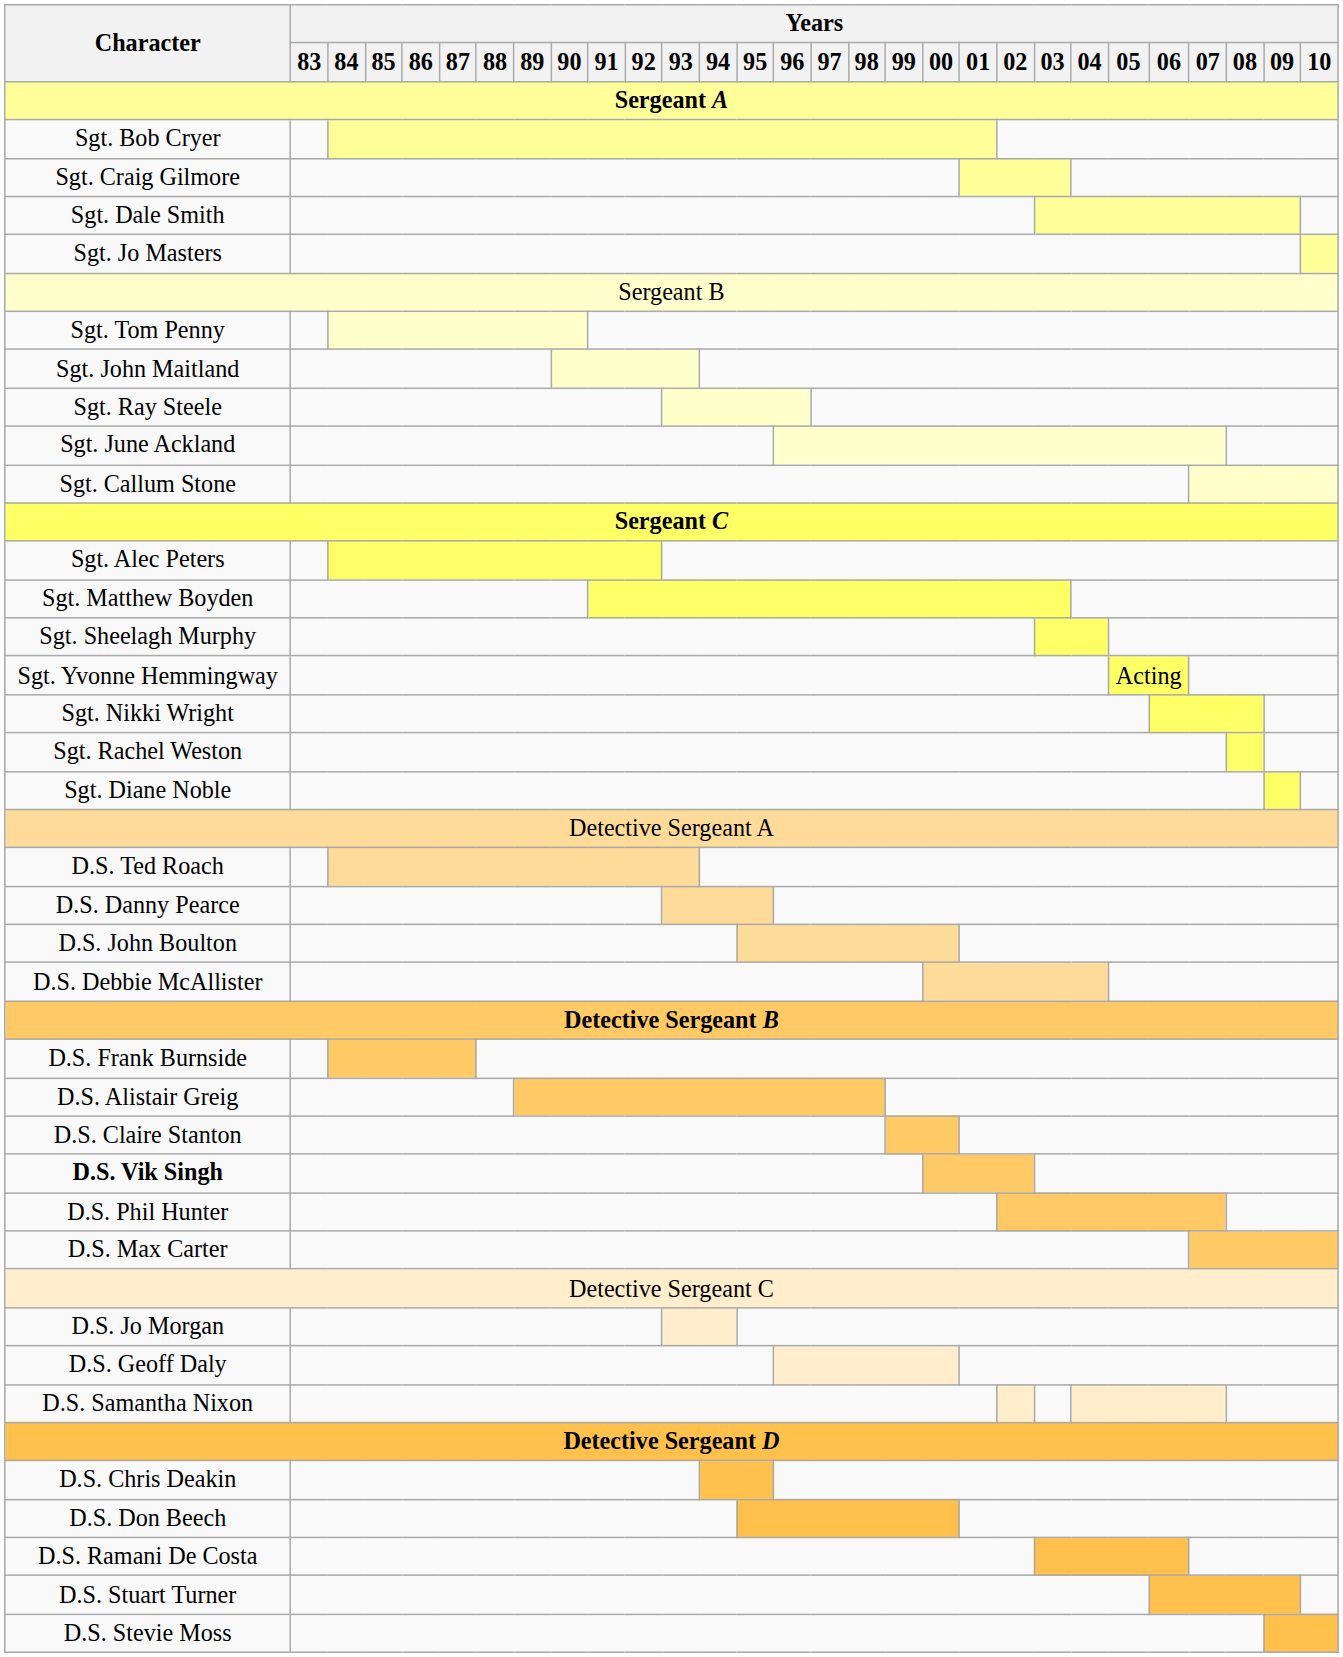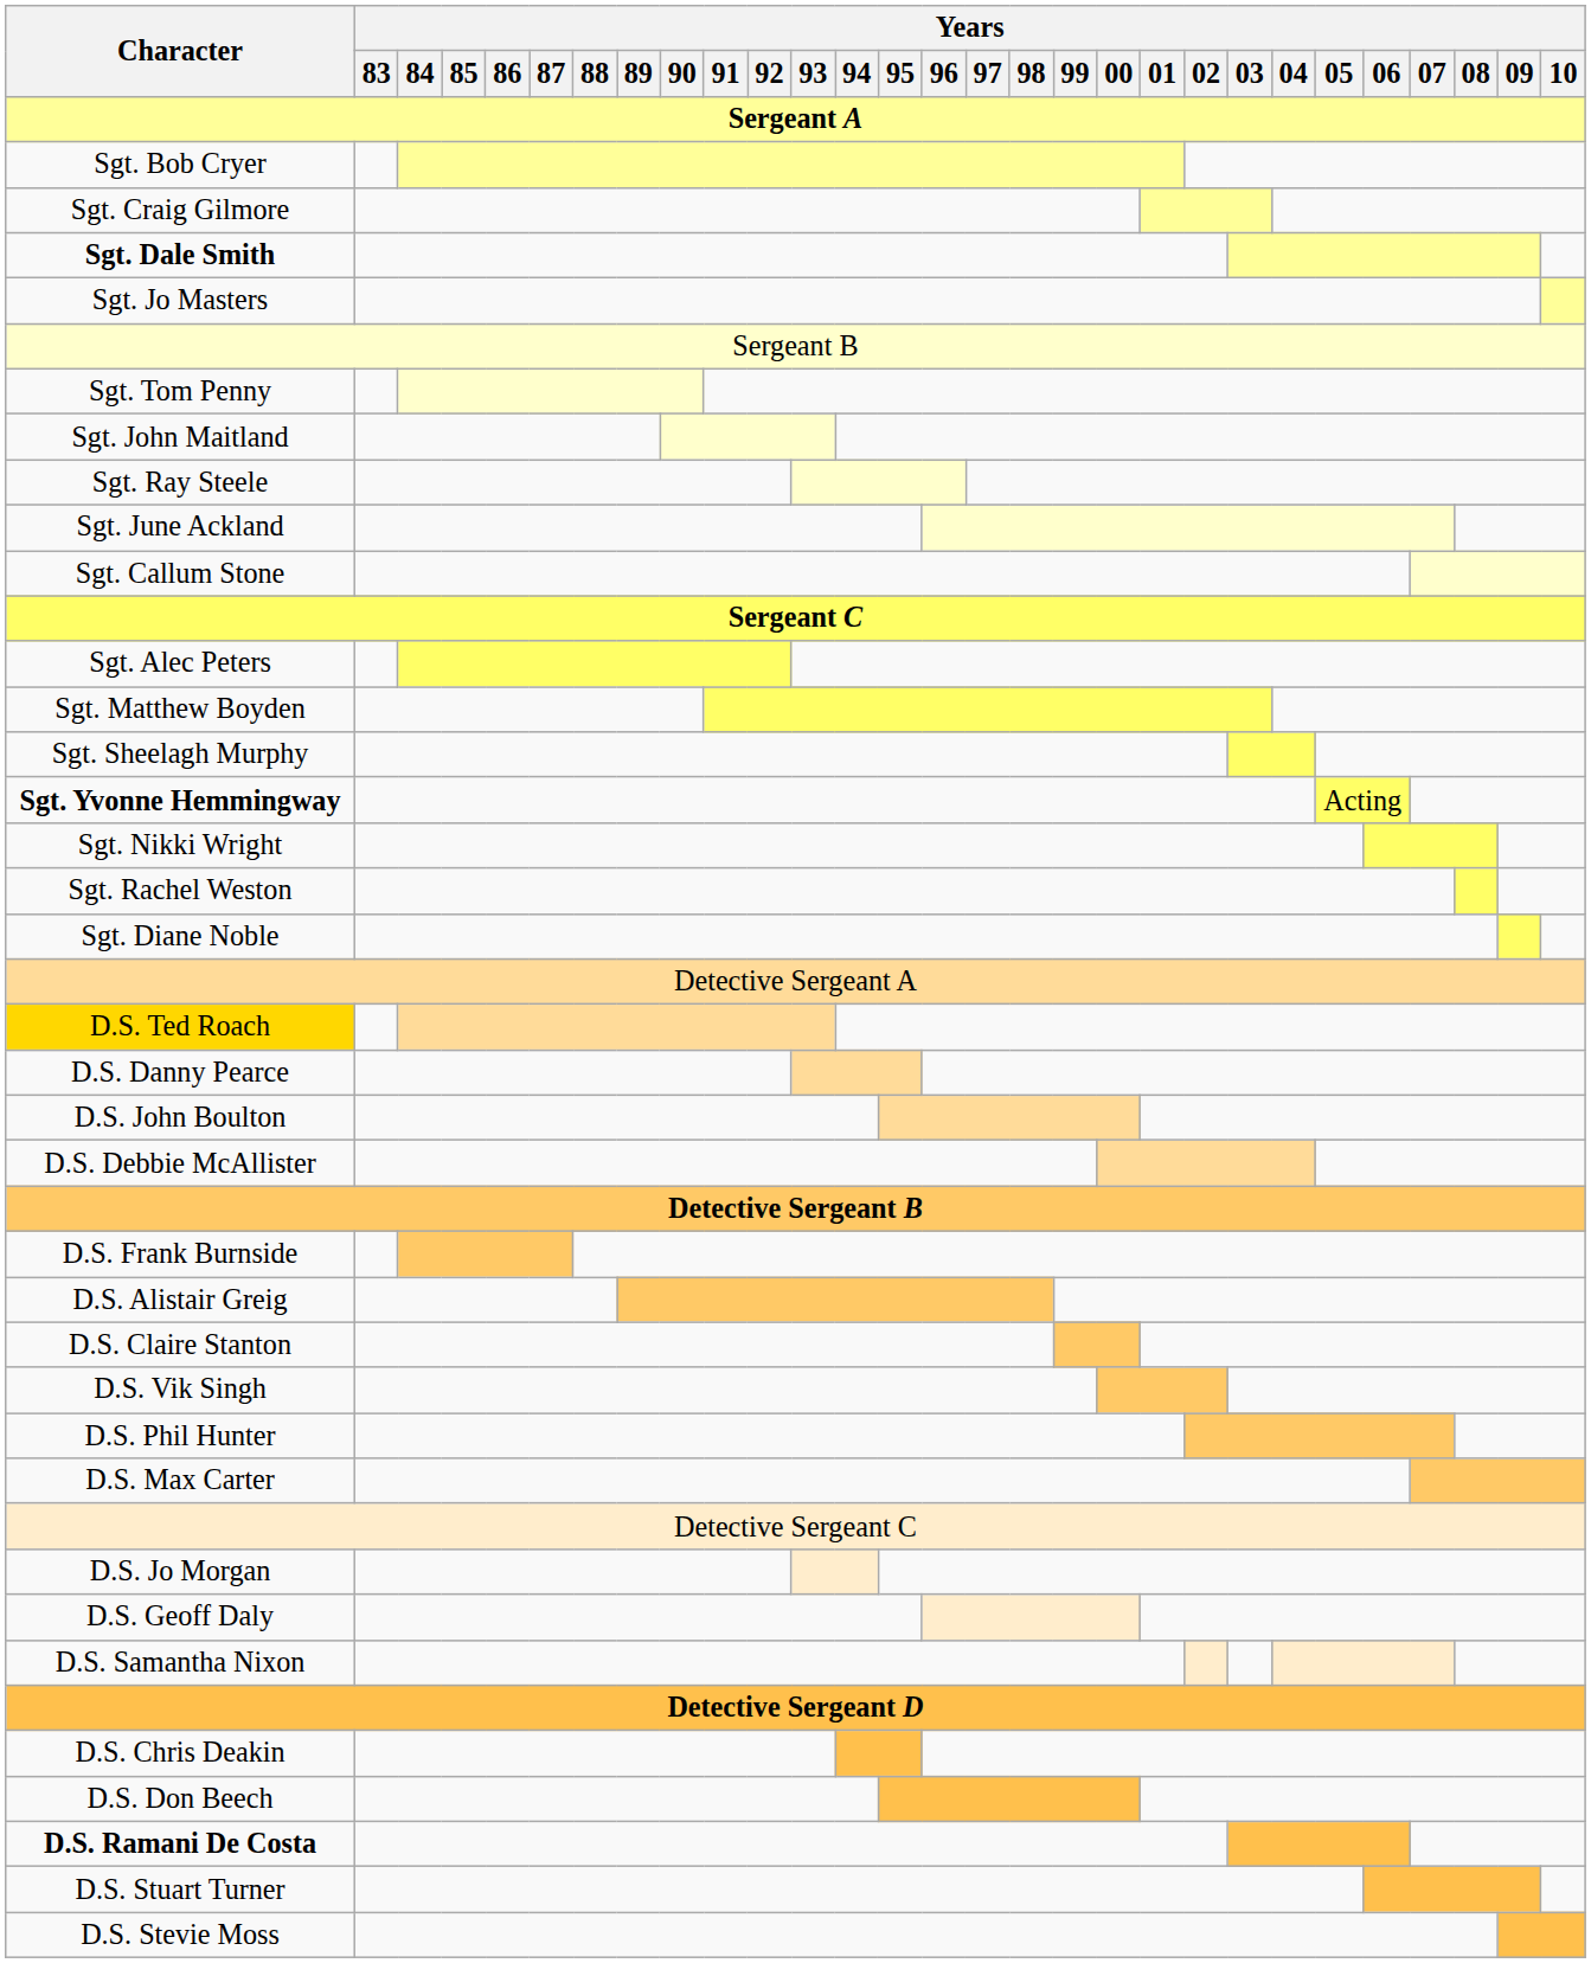 <table class="wikitable" style="text-align:center; width:100%;">
 <tr>
 <th rowspan="2">Character</th>
 <th colspan="28">Years</th>
 </tr>
 <tr>
 <th>83</th>
 <th>84</th>
 <th>85</th>
 <th>86</th>
 <th>87</th>
 <th>88</th>
 <th>89</th>
 <th>90</th>
 <th>91</th>
 <th>92</th>
 <th>93</th>
 <th>94</th>
 <th>95</th>
 <th>96</th>
 <th>97</th>
 <th>98</th>
 <th>99</th>
 <th>00</th>
 <th>01</th>
 <th>02</th>
 <th>03</th>
 <th>04</th>
 <th>05</th>
 <th>06</th>
 <th>07</th>
 <th>08</th>
 <th>09</th>
 <th>10</th>
 </tr>
 <tr>
 <td style="background:#FFFF99;" colspan="29"><strong>Sergeant <em>A<strong><em></td>
 </tr>
 <tr>
 <td>Sgt. Bob Cryer</td>
 <td colspan="1"></td>
 <td align="center" colspan="18" style="background:#FFFF99;"></td>
 <td colspan="9"></td>
 </tr>
 <tr>
 <td>Sgt. Craig Gilmore</td>
 <td colspan="18"></td>
 <td align="center" colspan="3" style="background:#FFFF99;"></td>
 <td colspan="7"></td>
 </tr>
 <tr>
-<td>Sgt. Dale Smith</td>
+<td><strong>Sgt. Dale Smith</strong></td>
 <td colspan="20"></td>
 <td align="center" colspan="7" style="background:#FFFF99;"></td>
 <td colspan="1"></td>
 </tr>
 <tr>
 <td>Sgt. Jo Masters</td>
 <td colspan="27"></td>
 <td align="center" colspan="1" style="background:#FFFF99;"></td>
 </tr>
 <tr>
 <td style="background:#FFFFCC;" colspan="29"></strong>Sergeant </em>B</em></strong></td>
 </tr>
 <tr>
 <td>Sgt. Tom Penny</td>
 <td colspan="1"></td>
 <td align="center" colspan="7" style="background:#FFFFCC;"></td>
 <td colspan="20"></td>
 </tr>
 <tr>
 <td>Sgt. John Maitland</td>
 <td colspan="7"></td>
 <td align="center" colspan="4" style="background:#FFFFCC;"></td>
 <td colspan="17"></td>
 </tr>
 <tr>
 <td>Sgt. Ray Steele</td>
 <td colspan="10"></td>
 <td align="center" colspan="4" style="background:#FFFFCC;"></td>
 <td colspan="14"></td>
 </tr>
 <tr>
 <td>Sgt. June Ackland</td>
 <td colspan="13"></td>
 <td align="center" colspan="12" style="background:#FFFFCC;"></td>
 <td colspan="3"></td>
 </tr>
 <tr>
 <td>Sgt. Callum Stone</td>
 <td colspan="24"></td>
 <td align="center" colspan="4" style="background:#FFFFCC;"></td>
 </tr>
 <tr>
 <td style="background:#FFFF66;" colspan="29"><strong>Sergeant <em>C<strong><em></td>
 </tr>
 <tr>
 <td>Sgt. Alec Peters</td>
 <td colspan="1"></td>
 <td align="center" colspan="9" style="background:#FFFF66;"></td>
 <td colspan="18"></td>
 </tr>
 <tr>
 <td>Sgt. Matthew Boyden</td>
 <td colspan="8"></td>
 <td align="center" colspan="13" style="background:#FFFF66;"></td>
 <td colspan="7"></td>
 </tr>
 <tr>
 <td>Sgt. Sheelagh Murphy</td>
 <td colspan="20"></td>
 <td align="center" colspan="2" style="background:#FFFF66;"></td>
 <td colspan="6"></td>
 </tr>
 <tr>
-<td>Sgt. Yvonne Hemmingway</td>
+<td><strong>Sgt. Yvonne Hemmingway</strong></td>
 <td colspan="22"></td>
 <td align="center" colspan="2" style="background:#FFFF66;"></em>Acting<em></td>
 <td colspan="4"></td>
 </tr>
 <tr>
 <td>Sgt. Nikki Wright</td>
 <td colspan="23"></td>
 <td align="center" colspan="3" style="background:#FFFF66;"></td>
 <td colspan="2"></td>
 </tr>
 <tr>
 <td>Sgt. Rachel Weston</td>
 <td colspan="25"></td>
 <td align="center" colspan="1" style="background:#FFFF66;"></td>
 <td colspan="2"></td>
 </tr>
 <tr>
 <td>Sgt. Diane Noble</td>
 <td colspan="26"></td>
 <td align="center" colspan="1" style="background:#FFFF66;"></td>
 <td colspan="1"></td>
 </tr>
 <tr>
 <td style="background:#ffdb99;" colspan="29"></strong>Detective Sergeant </em>A</em></strong></td>
 </tr>
 <tr>
-<td>D.S. Ted Roach</td>
+<td style="background: gold;">D.S. Ted Roach</td>
 <td colspan="1"></td>
 <td align="center" colspan="10" style="background:#ffdb99;"></td>
 <td colspan="17"></td>
 </tr>
 <tr>
 <td>D.S. Danny Pearce</td>
 <td colspan="10"></td>
 <td align="center" colspan="3" style="background:#ffdb99;"></td>
 <td colspan="15"></td>
 </tr>
 <tr>
 <td>D.S. John Boulton</td>
 <td colspan="12"></td>
 <td align="center" colspan="6" style="background:#ffdb99;"></td>
 <td colspan="10"></td>
 </tr>
 <tr>
 <td>D.S. Debbie McAllister</td>
 <td colspan="17"></td>
 <td align="center" colspan="5" style="background:#ffdb99;"></td>
 <td colspan="6"></td>
 </tr>
 <tr>
 <td style="background:#ffc966;" colspan="29"><strong>Detective Sergeant <em>B<strong><em></td>
 </tr>
 <tr>
 <td>D.S. Frank Burnside</td>
 <td colspan="1"></td>
 <td align="center" colspan="4" style="background:#ffc966;"></td>
 <td colspan="23"></td>
 </tr>
 <tr>
 <td>D.S. Alistair Greig</td>
 <td colspan="6"></td>
 <td align="center" colspan="10" style="background:#ffc966;"></td>
 <td colspan="12"></td>
 </tr>
 <tr>
 <td>D.S. Claire Stanton</td>
 <td colspan="16"></td>
 <td align="center" colspan="2" style="background:#ffc966;"></td>
 <td colspan="10"></td>
 </tr>
 <tr>
-<td><strong>D.S. Vik Singh</strong></td>
+<td>D.S. Vik Singh</td>
 <td colspan="17"></td>
 <td align="center" colspan="3" style="background:#ffc966;"></td>
 <td colspan="8"></td>
 </tr>
 <tr>
 <td>D.S. Phil Hunter</td>
 <td colspan="19"></td>
 <td align="center" colspan="6" style="background:#ffc966;"></td>
 <td colspan="3"></td>
 </tr>
 <tr>
 <td>D.S. Max Carter</td>
 <td colspan="24"></td>
 <td align="center" colspan="4" style="background:#ffc966;"></td>
 </tr>
 <tr>
 <td style="background:#ffedcc;" colspan="29"></strong>Detective Sergeant </em>C</em></strong></td>
 </tr>
 <tr>
 <td>D.S. Jo Morgan</td>
 <td colspan="10"></td>
 <td align="center" colspan="2" style="background:#ffedcc;"></td>
 <td colspan="16"></td>
 </tr>
 <tr>
 <td>D.S. Geoff Daly</td>
 <td colspan="13"></td>
 <td align="center" colspan="5" style="background:#ffedcc;"></td>
 <td colspan="10"></td>
 </tr>
 <tr>
 <td>D.S. Samantha Nixon</td>
 <td colspan="19"></td>
 <td align="center" colspan="1" style="background:#ffedcc;"></td>
 <td></td>
 <td align="center" colspan="4" style="background:#ffedcc;"></td>
 <td colspan="3"></td>
 </tr>
 <tr>
 <td style="background:#ffc04c;" colspan="29"><strong>Detective Sergeant <em>D<strong><em></td>
 </tr>
 <tr>
 <td>D.S. Chris Deakin</td>
 <td colspan="11"></td>
 <td align="center" colspan="2" style="background:#ffc04c;"></td>
 <td colspan="15"></td>
 </tr>
 <tr>
 <td>D.S. Don Beech</td>
 <td colspan="12"></td>
 <td align="center" colspan="6" style="background:#ffc04c;"></td>
 <td colspan="10"></td>
 </tr>
 <tr>
-<td>D.S. Ramani De Costa</td>
+<td><strong>D.S. Ramani De Costa</strong></td>
 <td colspan="20"></td>
 <td align="center" colspan="4" style="background:#ffc04c;"></td>
 <td colspan="4"></td>
 </tr>
 <tr>
 <td>D.S. Stuart Turner</td>
 <td colspan="23"></td>
 <td align="center" colspan="4" style="background:#ffc04c;"></td>
 <td colspan="1"></td>
 </tr>
 <tr>
 <td>D.S. Stevie Moss</td>
 <td colspan="26"></td>
 <td align="center" colspan="2" style="background:#ffc04c;"></td>
 </tr>
 </table>
